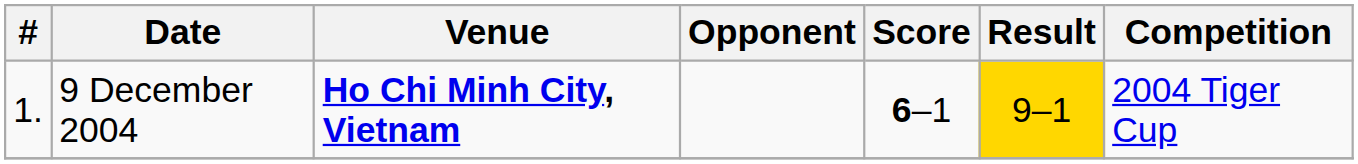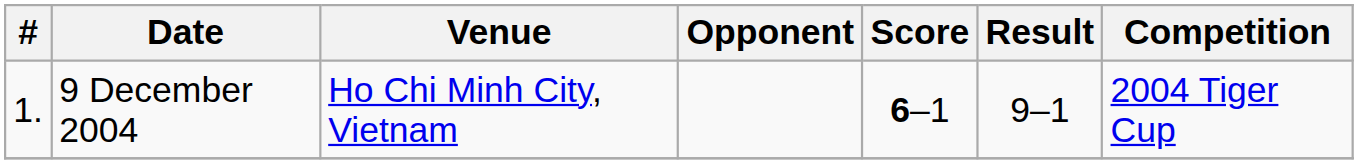 <table class="wikitable">
 <tr>
 <th>#</th>
 <th>Date</th>
 <th>Venue</th>
 <th>Opponent</th>
 <th>Score</th>
 <th>Result</th>
 <th>Competition</th>
 </tr>
 <tr>
 <td>1.</td>
 <td>9 December 2004</td>
-<td><strong><a href='#'>Ho Chi Minh City</a>, <a href='#'>Vietnam</a></strong></td>
+<td><a href='#'>Ho Chi Minh City</a>, <a href='#'>Vietnam</a></td>
 <td></td>
 <td align=center><strong>6</strong>–1</td>
-<td align=center style="background: gold;">9–1</td>
+<td align=center>9–1</td>
 <td><a href='#'>2004 Tiger Cup</a></td>
 </tr>
 <tr>
 </tr>
 </table>
